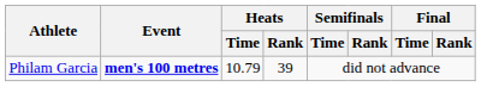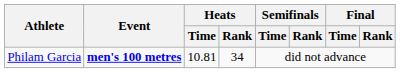 <table class=wikitable style="font-size:90%;">
 <tr>
 <th rowspan=2>Athlete</th>
 <th rowspan=2>Event</th>
 <th colspan=2>Heats</th>
 <th colspan=2>Semifinals</th>
 <th colspan=2>Final</th>
 </tr>
 <tr>
 <th>Time</th>
 <th>Rank</th>
 <th>Time</th>
 <th>Rank</th>
 <th>Time</th>
 <th>Rank</th>
 </tr>
 <tr>
 <td><a href='#'>Philam Garcia</a></td>
 <td><strong><a href='#'>men's 100 metres</a></strong></td>
-<td align="center">10.79</td>
-<td align="center">39</td>
+<td align="center">10.81</td>
+<td align="center">34</td>
 <td align="center" colspan=4>did not advance</td>
 </tr>
 </table>
